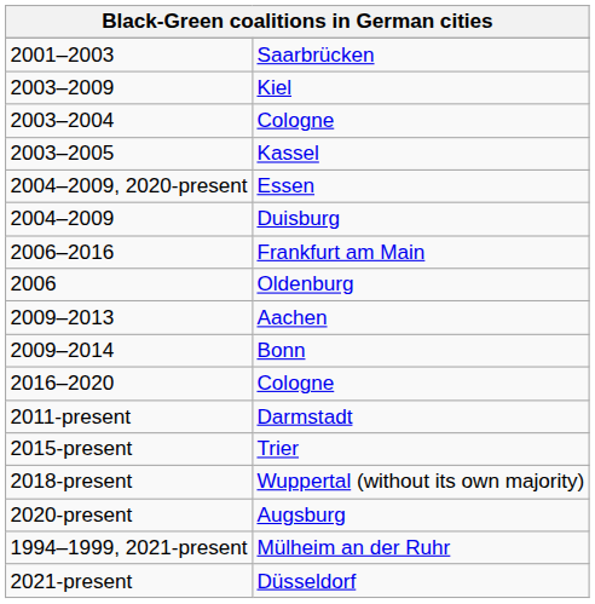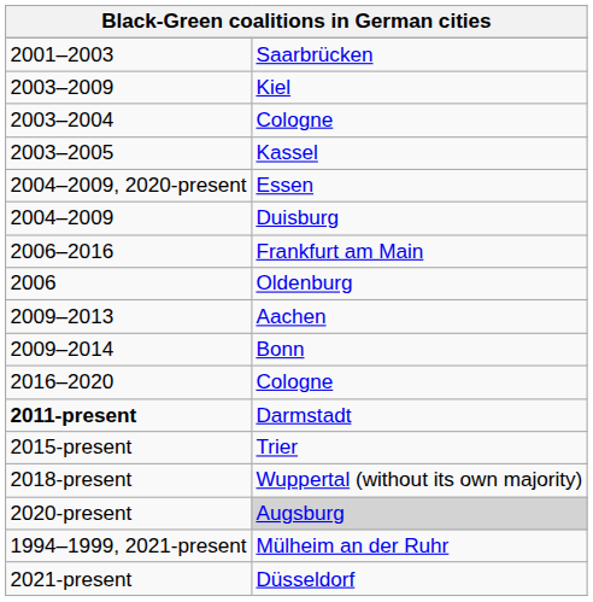 <table class="wikitable">
 <tr>
 <th colspan="3" class="hintergrundfarbe5">Black-Green coalitions in German cities</th>
 </tr>
 <tr class="hintergrundfarbe5">
 </tr>
 <tr>
 <td>2001–2003</td>
 <td><a href='#'>Saarbrücken</a></td>
 </tr>
 <tr>
 <td>2003–2009</td>
 <td><a href='#'>Kiel</a></td>
 </tr>
 <tr>
 <td>2003–2004</td>
 <td><a href='#'>Cologne</a></td>
 </tr>
 <tr>
 <td>2003–2005</td>
 <td><a href='#'>Kassel</a></td>
 </tr>
 <tr>
 <td>2004–2009, 2020-present</td>
 <td><a href='#'>Essen</a></td>
 </tr>
 <tr>
 <td>2004–2009</td>
 <td><a href='#'>Duisburg</a></td>
 </tr>
 <tr>
 <td>2006–2016</td>
 <td><a href='#'>Frankfurt am Main</a></td>
 </tr>
 <tr>
 <td>2006</td>
 <td><a href='#'>Oldenburg</a></td>
 </tr>
 <tr>
 <td>2009–2013</td>
 <td><a href='#'>Aachen</a></td>
 </tr>
 <tr>
 <td>2009–2014</td>
 <td><a href='#'>Bonn</a></td>
 </tr>
 <tr>
 <td>2016–2020</td>
 <td><a href='#'>Cologne</a></td>
 </tr>
 <tr>
-<td>2011-present</td>
+<td><strong>2011-present</strong></td>
 <td><a href='#'>Darmstadt</a></td>
 </tr>
 <tr>
 <td>2015-present</td>
 <td><a href='#'>Trier</a></td>
 </tr>
 <tr>
 <td>2018-present</td>
 <td><a href='#'>Wuppertal</a> (without its own majority)</td>
 </tr>
 <tr>
 <td>2020-present</td>
-<td><a href='#'>Augsburg</a></td>
+<td style="background: lightgrey;"><a href='#'>Augsburg</a></td>
 </tr>
 <tr>
 <td>1994–1999, 2021-present</td>
 <td><a href='#'>Mülheim an der Ruhr</a></td>
 </tr>
 <tr>
 <td>2021-present</td>
 <td><a href='#'>Düsseldorf</a></td>
 </tr>
 </table>
